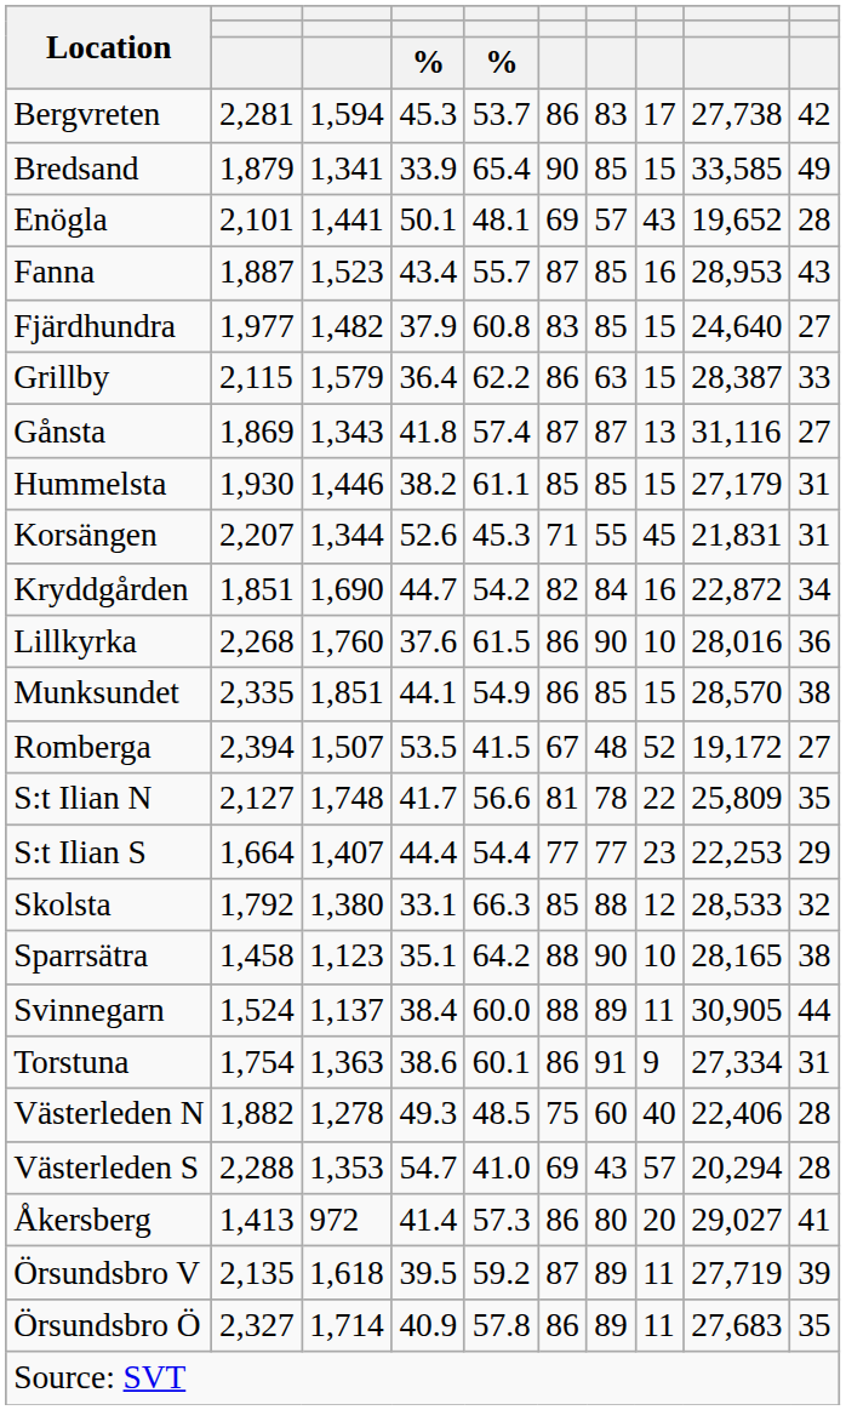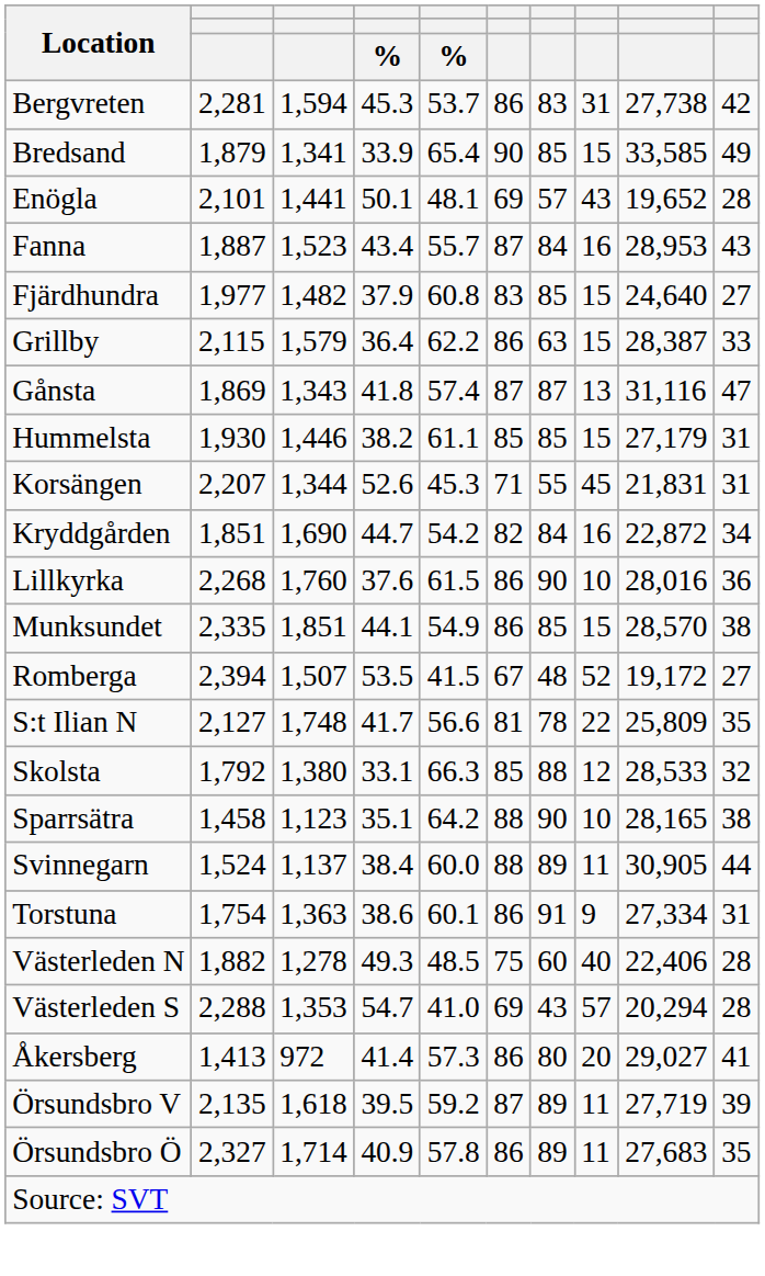 <table role="presentation" class="wikitable sortable mw-collapsible mw-collapsed">
 <tr>
 <th rowspan="3">Location</th>
 <th></th>
 <th></th>
 <th></th>
 <th></th>
 <th></th>
 <th></th>
 <th></th>
 <th></th>
 <th></th>
 </tr>
 <tr>
 <th></th>
 <th></th>
 <th style="background:"></th>
 <th style="background:"></th>
 <th></th>
 <th></th>
 <th></th>
 <th></th>
 <th></th>
 </tr>
 <tr>
 <th data-sort-type="number"></th>
 <th data-sort-type="number"></th>
 <th data-sort-type="number">%</th>
 <th data-sort-type="number">%</th>
 <th data-sort-type="number"></th>
 <th data-sort-type="number"></th>
 <th data-sort-type="number"></th>
 <th data-sort-type="number"></th>
 <th data-sort-type="number"></th>
 </tr>
 <tr>
 <td align="left">Bergvreten</td>
 <td>2,281</td>
 <td>1,594</td>
 <td>45.3</td>
 <td>53.7</td>
 <td>86</td>
 <td>83</td>
-<td>17</td>
+<td>31</td>
 <td>27,738</td>
 <td>42</td>
 </tr>
 <tr>
 <td align="left">Bredsand</td>
 <td>1,879</td>
 <td>1,341</td>
 <td>33.9</td>
 <td>65.4</td>
 <td>90</td>
 <td>85</td>
 <td>15</td>
 <td>33,585</td>
 <td>49</td>
 </tr>
 <tr>
 <td align="left">Enögla</td>
 <td>2,101</td>
 <td>1,441</td>
 <td>50.1</td>
 <td>48.1</td>
 <td>69</td>
 <td>57</td>
 <td>43</td>
 <td>19,652</td>
 <td>28</td>
 </tr>
 <tr>
 <td align="left">Fanna</td>
 <td>1,887</td>
 <td>1,523</td>
 <td>43.4</td>
 <td>55.7</td>
 <td>87</td>
-<td>85</td>
+<td>84</td>
 <td>16</td>
 <td>28,953</td>
 <td>43</td>
 </tr>
 <tr>
 <td align="left">Fjärdhundra</td>
 <td>1,977</td>
 <td>1,482</td>
 <td>37.9</td>
 <td>60.8</td>
 <td>83</td>
 <td>85</td>
 <td>15</td>
 <td>24,640</td>
 <td>27</td>
 </tr>
 <tr>
 <td align="left">Grillby</td>
 <td>2,115</td>
 <td>1,579</td>
 <td>36.4</td>
 <td>62.2</td>
 <td>86</td>
 <td>63</td>
 <td>15</td>
 <td>28,387</td>
 <td>33</td>
 </tr>
 <tr>
 <td align="left">Gånsta</td>
 <td>1,869</td>
 <td>1,343</td>
 <td>41.8</td>
 <td>57.4</td>
 <td>87</td>
 <td>87</td>
 <td>13</td>
 <td>31,116</td>
-<td>27</td>
+<td>47</td>
 </tr>
 <tr>
 <td align="left">Hummelsta</td>
 <td>1,930</td>
 <td>1,446</td>
 <td>38.2</td>
 <td>61.1</td>
 <td>85</td>
 <td>85</td>
 <td>15</td>
 <td>27,179</td>
 <td>31</td>
 </tr>
 <tr>
 <td align="left">Korsängen</td>
 <td>2,207</td>
 <td>1,344</td>
 <td>52.6</td>
 <td>45.3</td>
 <td>71</td>
 <td>55</td>
 <td>45</td>
 <td>21,831</td>
 <td>31</td>
 </tr>
 <tr>
 <td align="left">Kryddgården</td>
 <td>1,851</td>
 <td>1,690</td>
 <td>44.7</td>
 <td>54.2</td>
 <td>82</td>
 <td>84</td>
 <td>16</td>
 <td>22,872</td>
 <td>34</td>
 </tr>
 <tr>
 <td align="left">Lillkyrka</td>
 <td>2,268</td>
 <td>1,760</td>
 <td>37.6</td>
 <td>61.5</td>
 <td>86</td>
 <td>90</td>
 <td>10</td>
 <td>28,016</td>
 <td>36</td>
 </tr>
 <tr>
 <td align="left">Munksundet</td>
 <td>2,335</td>
 <td>1,851</td>
 <td>44.1</td>
 <td>54.9</td>
 <td>86</td>
 <td>85</td>
 <td>15</td>
 <td>28,570</td>
 <td>38</td>
 </tr>
 <tr>
 <td align="left">Romberga</td>
 <td>2,394</td>
 <td>1,507</td>
 <td>53.5</td>
 <td>41.5</td>
 <td>67</td>
 <td>48</td>
 <td>52</td>
 <td>19,172</td>
 <td>27</td>
 </tr>
 <tr>
 <td align="left">S:t Ilian N</td>
 <td>2,127</td>
 <td>1,748</td>
 <td>41.7</td>
 <td>56.6</td>
 <td>81</td>
 <td>78</td>
 <td>22</td>
 <td>25,809</td>
 <td>35</td>
-</tr>
-<tr>
-<td align="left">S:t Ilian S</td>
-<td>1,664</td>
-<td>1,407</td>
-<td>44.4</td>
-<td>54.4</td>
-<td>77</td>
-<td>77</td>
-<td>23</td>
-<td>22,253</td>
-<td>29</td>
 </tr>
 <tr>
 <td align="left">Skolsta</td>
 <td>1,792</td>
 <td>1,380</td>
 <td>33.1</td>
 <td>66.3</td>
 <td>85</td>
 <td>88</td>
 <td>12</td>
 <td>28,533</td>
 <td>32</td>
 </tr>
 <tr>
 <td align="left">Sparrsätra</td>
 <td>1,458</td>
 <td>1,123</td>
 <td>35.1</td>
 <td>64.2</td>
 <td>88</td>
 <td>90</td>
 <td>10</td>
 <td>28,165</td>
 <td>38</td>
 </tr>
 <tr>
 <td align="left">Svinnegarn</td>
 <td>1,524</td>
 <td>1,137</td>
 <td>38.4</td>
 <td>60.0</td>
 <td>88</td>
 <td>89</td>
 <td>11</td>
 <td>30,905</td>
 <td>44</td>
 </tr>
 <tr>
 <td align="left">Torstuna</td>
 <td>1,754</td>
 <td>1,363</td>
 <td>38.6</td>
 <td>60.1</td>
 <td>86</td>
 <td>91</td>
 <td>9</td>
 <td>27,334</td>
 <td>31</td>
 </tr>
 <tr>
 <td align="left">Västerleden N</td>
 <td>1,882</td>
 <td>1,278</td>
 <td>49.3</td>
 <td>48.5</td>
 <td>75</td>
 <td>60</td>
 <td>40</td>
 <td>22,406</td>
 <td>28</td>
 </tr>
 <tr>
 <td align="left">Västerleden S</td>
 <td>2,288</td>
 <td>1,353</td>
 <td>54.7</td>
 <td>41.0</td>
 <td>69</td>
 <td>43</td>
 <td>57</td>
 <td>20,294</td>
 <td>28</td>
 </tr>
 <tr>
 <td align="left">Åkersberg</td>
 <td>1,413</td>
 <td>972</td>
 <td>41.4</td>
 <td>57.3</td>
 <td>86</td>
 <td>80</td>
 <td>20</td>
 <td>29,027</td>
 <td>41</td>
 </tr>
 <tr>
 <td align="left">Örsundsbro V</td>
 <td>2,135</td>
 <td>1,618</td>
 <td>39.5</td>
 <td>59.2</td>
 <td>87</td>
 <td>89</td>
 <td>11</td>
 <td>27,719</td>
 <td>39</td>
 </tr>
 <tr>
 <td align="left">Örsundsbro Ö</td>
 <td>2,327</td>
 <td>1,714</td>
 <td>40.9</td>
 <td>57.8</td>
 <td>86</td>
 <td>89</td>
 <td>11</td>
 <td>27,683</td>
 <td>35</td>
 </tr>
 <tr>
 <td colspan="10" align="left">Source: <a href='#'>SVT</a></td>
 </tr>
 </table>
